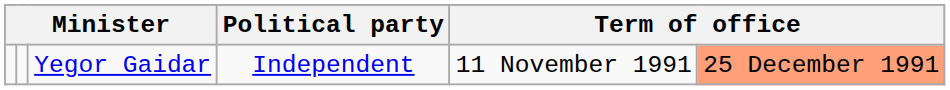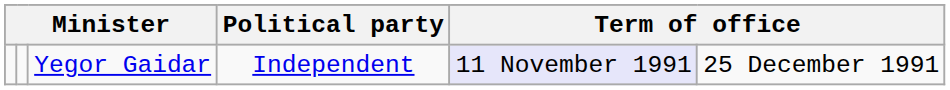 <table class="wikitable" style="text-align:center;">
 <tr>
 <th colspan=3>Minister</th>
 <th>Political party</th>
 <th colspan=2>Term of office</th>
 </tr>
 <tr>
 <td style="background: "></td>
 <td></td>
 <td><a href='#'>Yegor Gaidar</a></td>
 <td><a href='#'>Independent</a></td>
-<td>11 November 1991</td>
-<td style="background: lightsalmon;">25 December 1991</td>
+<td style="background: lavender;">11 November 1991</td>
+<td>25 December 1991</td>
 </tr>
 </table>
